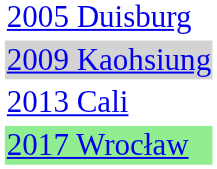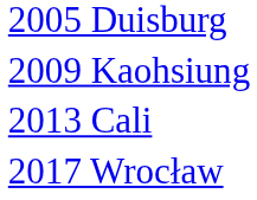 <table>
 <tr>
 <td><a href='#'>2005 Duisburg</a></td>
 <td></td>
 <td></td>
 <td></td>
 </tr>
 <tr>
-<td style="background: lightgrey;"><a href='#'>2009 Kaohsiung</a></td>
+<td><a href='#'>2009 Kaohsiung</a></td>
 <td></td>
 <td></td>
 <td></td>
 </tr>
 <tr>
 <td><a href='#'>2013 Cali</a></td>
 <td></td>
 <td></td>
 <td></td>
 </tr>
 <tr>
-<td style="background: lightgreen;"><a href='#'>2017 Wrocław</a></td>
+<td><a href='#'>2017 Wrocław</a></td>
 <td></td>
 <td></td>
 <td></td>
 </tr>
 </table>
